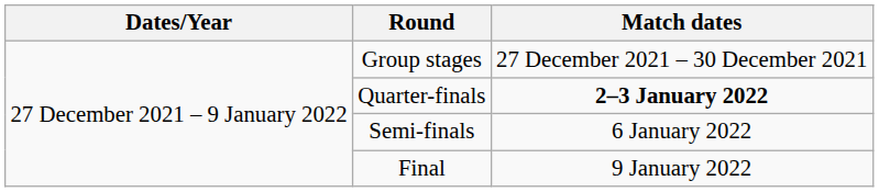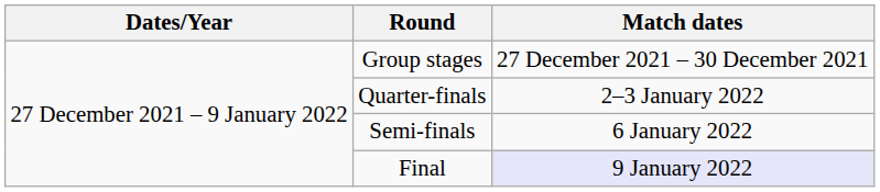 <table class="wikitable" style="text-align:center">
 <tr>
 <th>Dates/Year</th>
 <th>Round</th>
 <th>Match dates</th>
 </tr>
 <tr>
 <td rowspan=4>27 December 2021 – 9 January 2022</td>
 <td>Group stages</td>
 <td>27 December 2021 – 30 December 2021</td>
 </tr>
 <tr>
 <td>Quarter-finals</td>
-<td><strong>2–3 January 2022</strong></td>
+<td>2–3 January 2022</td>
 </tr>
 <tr>
 <td>Semi-finals</td>
 <td>6 January 2022</td>
 </tr>
 <tr>
 <td>Final</td>
-<td>9 January 2022</td>
+<td style="background: lavender;">9 January 2022</td>
 </tr>
 </table>
